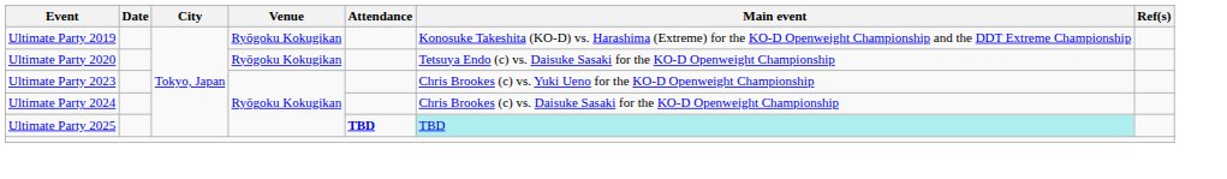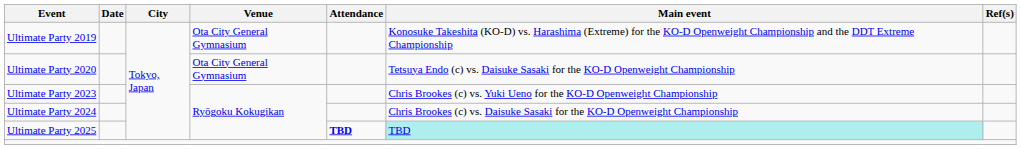 <table class="wikitable sortable" style="font-size:85%;" align="center">
 <tr>
 <th>Event</th>
 <th>Date</th>
 <th>City</th>
 <th>Venue</th>
 <th>Attendance</th>
 <th>Main event</th>
 <th>Ref(s)</th>
 </tr>
 <tr>
 <td style="white-space:nowrap;"><a href='#'>Ultimate Party 2019</a></td>
 <td></td>
 <td rowspan=5><a href='#'>Tokyo, Japan</a></td>
-<td><a href='#'>Ryōgoku Kokugikan</a></td>
+<td><a href='#'>Ota City General Gymnasium</a></td>
 <td></td>
 <td align="left"><a href='#'>Konosuke Takeshita</a> (KO-D) vs. <a href='#'>Harashima</a> (Extreme) for the <a href='#'>KO-D Openweight Championship</a> and the <a href='#'>DDT Extreme Championship</a></td>
 <td></td>
 </tr>
 <tr>
 <td><a href='#'>Ultimate Party 2020</a></td>
 <td></td>
-<td><a href='#'>Ryōgoku Kokugikan</a></td>
+<td><a href='#'>Ota City General Gymnasium</a></td>
 <td></td>
 <td align="left"><a href='#'>Tetsuya Endo</a> (c) vs. <a href='#'>Daisuke Sasaki</a> for the <a href='#'>KO-D Openweight Championship</a></td>
 <td></td>
 </tr>
 <tr>
 <td><a href='#'>Ultimate Party 2023</a></td>
 <td></td>
 <td rowspan=3><a href='#'>Ryōgoku Kokugikan</a></td>
 <td></td>
 <td align="left"><a href='#'>Chris Brookes</a> (c) vs. <a href='#'>Yuki Ueno</a> for the <a href='#'>KO-D Openweight Championship</a></td>
 <td></td>
 </tr>
 <tr>
 <td><a href='#'>Ultimate Party 2024</a></td>
 <td style="white-space:nowrap;"></td>
 <td></td>
 <td align="left"><a href='#'>Chris Brookes</a> (c) vs. <a href='#'>Daisuke Sasaki</a> for the <a href='#'>KO-D Openweight Championship</a></td>
 <td></td>
 </tr>
 <tr>
 <td><a href='#'>Ultimate Party 2025</a></td>
 <td></td>
 <td><strong><a href='#'>TBD</a></strong></td>
 <td align="left" style="background: paleturquoise;"><a href='#'>TBD</a></td>
 <td></td>
 </tr>
 <tr>
 <td colspan="8"></td>
 </tr>
 </table>
